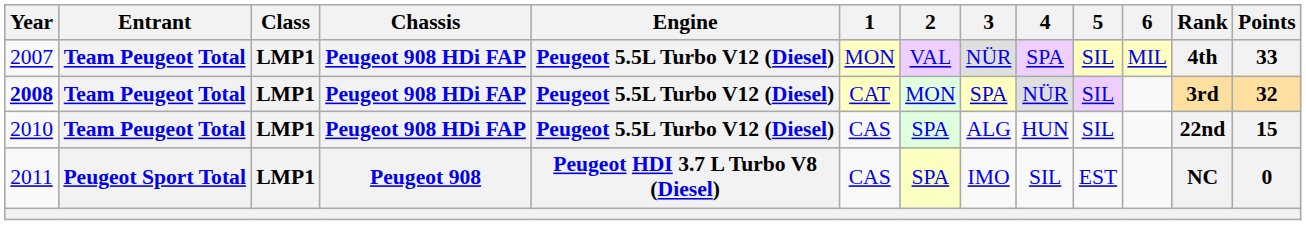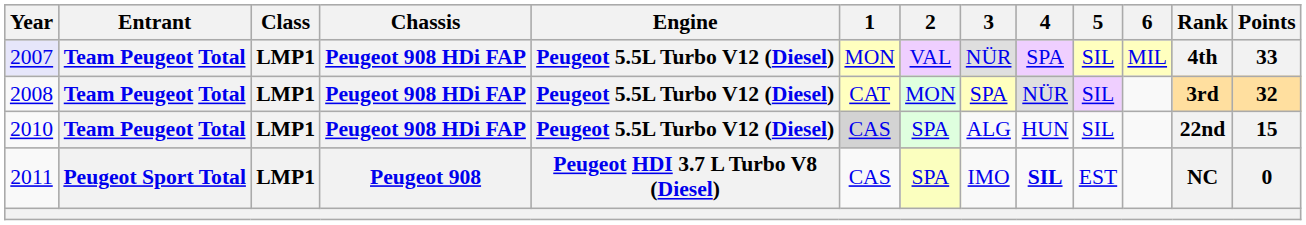 <table class="wikitable" style="text-align:center; font-size:85%">
 <tr>
 <th>Year</th>
 <th>Entrant</th>
 <th>Class</th>
 <th>Chassis</th>
 <th>Engine</th>
 <th>1</th>
 <th>2</th>
 <th>3</th>
 <th>4</th>
 <th>5</th>
 <th>6</th>
 <th>Rank</th>
 <th>Points</th>
 </tr>
 <tr>
-<td><a href='#'>2007</a></td>
+<td style="background: lavender;"><a href='#'>2007</a></td>
 <th nowrap><a href='#'>Team Peugeot</a> <a href='#'>Total</a></th>
 <th>LMP1</th>
 <th nowrap><a href='#'>Peugeot 908 HDi FAP</a></th>
 <th nowrap><a href='#'>Peugeot</a> 5.5L Turbo V12 (<a href='#'>Diesel</a>)</th>
 <td style="background:#FFFFBF;"><a href='#'>MON</a><br></td>
 <td style="background:#EFCFFF;"><a href='#'>VAL</a><br></td>
 <td style="background:#DFDFDF;"><a href='#'>NÜR</a><br></td>
 <td style="background:#EFCFFF;"><a href='#'>SPA</a><br></td>
 <td style="background:#FFFFBF;"><a href='#'>SIL</a><br></td>
 <td style="background:#FFFFBF;"><a href='#'>MIL</a><br></td>
 <th>4th</th>
 <th>33</th>
 </tr>
 <tr>
-<td><strong><a href='#'>2008</a></strong></td>
+<td><a href='#'>2008</a></td>
 <th nowrap><a href='#'>Team Peugeot</a> <a href='#'>Total</a></th>
 <th>LMP1</th>
 <th nowrap><a href='#'>Peugeot 908 HDi FAP</a></th>
 <th nowrap><a href='#'>Peugeot</a> 5.5L Turbo V12 (<a href='#'>Diesel</a>)</th>
 <td style="background:#FFFFBF;"><a href='#'>CAT</a><br></td>
 <td style="background:#DFFFDF;"><a href='#'>MON</a><br></td>
 <td style="background:#FFFFBF;"><a href='#'>SPA</a><br></td>
 <td style="background:#DFDFDF;"><a href='#'>NÜR</a><br></td>
 <td style="background:#EFCFFF;"><a href='#'>SIL</a><br></td>
 <td></td>
 <th style="background:#FFDF9F;">3rd</th>
 <th style="background:#FFDF9F;">32</th>
 </tr>
 <tr>
 <td><a href='#'>2010</a></td>
 <th nowrap><a href='#'>Team Peugeot</a> <a href='#'>Total</a></th>
 <th>LMP1</th>
 <th nowrap><a href='#'>Peugeot 908 HDi FAP</a></th>
 <th nowrap><a href='#'>Peugeot</a> 5.5L Turbo V12 (<a href='#'>Diesel</a>)</th>
-<td><a href='#'>CAS</a></td>
+<td style="background: lightgrey;"><a href='#'>CAS</a></td>
 <td style="background:#DFFFDF;"><a href='#'>SPA</a><br></td>
 <td><a href='#'>ALG</a></td>
 <td><a href='#'>HUN</a></td>
 <td><a href='#'>SIL</a></td>
 <td></td>
 <th>22nd</th>
 <th>15</th>
 </tr>
 <tr>
 <td><a href='#'>2011</a></td>
 <th nowrap><a href='#'>Peugeot Sport Total</a></th>
 <th>LMP1</th>
 <th nowrap><a href='#'>Peugeot 908</a></th>
 <th nowrap><a href='#'>Peugeot</a> <a href='#'>HDI</a> 3.7 L Turbo V8<br>(<a href='#'>Diesel</a>)</th>
 <td><a href='#'>CAS</a></td>
 <td style="background:#FBFFBF;"><a href='#'>SPA</a><br></td>
 <td><a href='#'>IMO</a></td>
-<td><a href='#'>SIL</a></td>
+<td><strong><a href='#'>SIL</a></strong></td>
 <td><a href='#'>EST</a></td>
 <td></td>
 <th>NC</th>
 <th>0</th>
 </tr>
 <tr>
 <th colspan="13"></th>
 </tr>
 </table>
